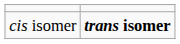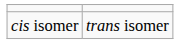 <table class="wikitable" style="margin:1em auto; text-align:center;">
 <tr>
 <td></td>
 <td></td>
 </tr>
 <tr>
 <td><em>cis</em> isomer</td>
-<td><strong><em>trans</em> isomer</strong></td>
+<td><em>trans</em> isomer</td>
 </tr>
 </table>
